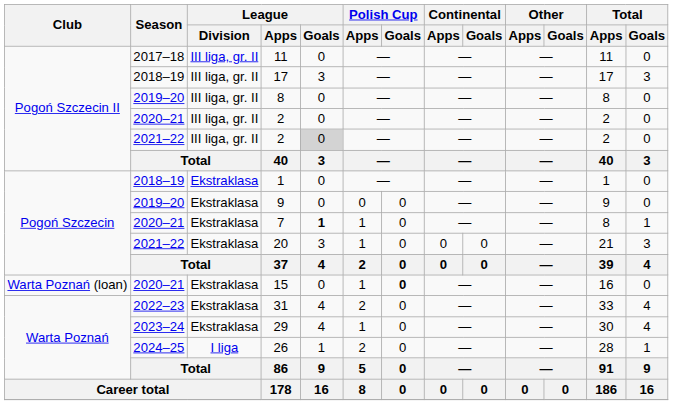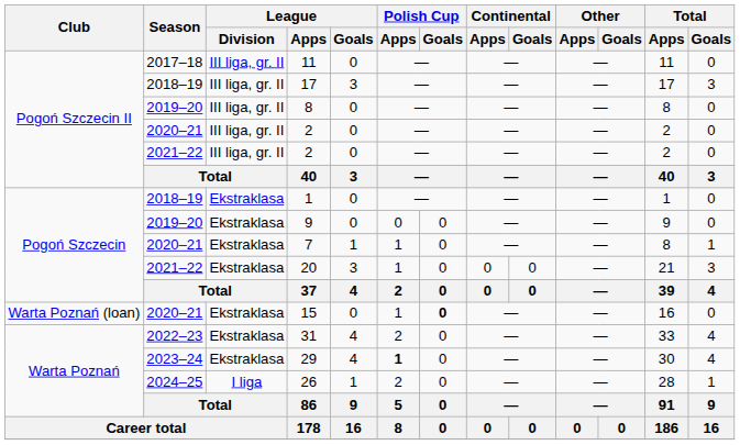 <table class="wikitable" style="text-align: center;">
 <tr>
 <th rowspan="2">Club</th>
 <th rowspan="2">Season</th>
 <th colspan="3">League</th>
 <th colspan="2"><a href='#'>Polish Cup</a></th>
 <th colspan="2">Continental</th>
 <th colspan="2">Other</th>
 <th colspan="2">Total</th>
 </tr>
 <tr>
 <th>Division</th>
 <th>Apps</th>
 <th>Goals</th>
 <th>Apps</th>
 <th>Goals</th>
 <th>Apps</th>
 <th>Goals</th>
 <th>Apps</th>
 <th>Goals</th>
 <th>Apps</th>
 <th>Goals</th>
 </tr>
 <tr>
 <td rowspan="6"><a href='#'>Pogoń Szczecin II</a></td>
 <td>2017–18</td>
 <td><a href='#'>III liga, gr. II</a></td>
 <td>11</td>
 <td>0</td>
 <td colspan="2">—</td>
 <td colspan="2">—</td>
 <td colspan="2">—</td>
 <td>11</td>
 <td>0</td>
 </tr>
 <tr>
 <td>2018–19</td>
 <td>III liga, gr. II</td>
 <td>17</td>
 <td>3</td>
 <td colspan="2">—</td>
 <td colspan="2">—</td>
 <td colspan="2">—</td>
 <td>17</td>
 <td>3</td>
 </tr>
 <tr>
 <td><a href='#'>2019–20</a></td>
 <td>III liga, gr. II</td>
 <td>8</td>
 <td>0</td>
 <td colspan="2">—</td>
 <td colspan="2">—</td>
 <td colspan="2">—</td>
 <td>8</td>
 <td>0</td>
 </tr>
 <tr>
 <td><a href='#'>2020–21</a></td>
 <td>III liga, gr. II</td>
 <td>2</td>
 <td>0</td>
 <td colspan="2">—</td>
 <td colspan="2">—</td>
 <td colspan="2">—</td>
 <td>2</td>
 <td>0</td>
 </tr>
 <tr>
 <td><a href='#'>2021–22</a></td>
 <td>III liga, gr. II</td>
 <td>2</td>
-<td style="background: lightgrey;">0</td>
+<td>0</td>
 <td colspan="2">—</td>
 <td colspan="2">—</td>
 <td colspan="2">—</td>
 <td>2</td>
 <td>0</td>
 </tr>
 <tr>
 <th colspan="2">Total</th>
 <th>40</th>
 <th>3</th>
 <th colspan="2">—</th>
 <th colspan="2">—</th>
 <th colspan="2">—</th>
 <th>40</th>
 <th>3</th>
 </tr>
 <tr>
 <td rowspan="5"><a href='#'>Pogoń Szczecin</a></td>
 <td><a href='#'>2018–19</a></td>
 <td><a href='#'>Ekstraklasa</a></td>
 <td>1</td>
 <td>0</td>
 <td colspan="2">—</td>
 <td colspan="2">—</td>
 <td colspan="2">—</td>
 <td>1</td>
 <td>0</td>
 </tr>
 <tr>
 <td><a href='#'>2019–20</a></td>
 <td>Ekstraklasa</td>
 <td>9</td>
 <td>0</td>
 <td>0</td>
 <td>0</td>
 <td colspan="2">—</td>
 <td colspan="2">—</td>
 <td>9</td>
 <td>0</td>
 </tr>
 <tr>
 <td><a href='#'>2020–21</a></td>
 <td>Ekstraklasa</td>
 <td>7</td>
-<td><strong>1</strong></td>
+<td>1</td>
 <td>1</td>
 <td>0</td>
 <td colspan="2">—</td>
 <td colspan="2">—</td>
 <td>8</td>
 <td>1</td>
 </tr>
 <tr>
 <td><a href='#'>2021–22</a></td>
 <td>Ekstraklasa</td>
 <td>20</td>
 <td>3</td>
 <td>1</td>
 <td>0</td>
 <td>0</td>
 <td>0</td>
 <td colspan="2">—</td>
 <td>21</td>
 <td>3</td>
 </tr>
 <tr>
 <th colspan="2">Total</th>
 <th>37</th>
 <th>4</th>
 <th>2</th>
 <th>0</th>
 <th>0</th>
 <th>0</th>
 <th colspan="2">—</th>
 <th>39</th>
 <th>4</th>
 </tr>
 <tr>
 <td><a href='#'>Warta Poznań</a> (loan)</td>
 <td><a href='#'>2020–21</a></td>
 <td>Ekstraklasa</td>
 <td>15</td>
 <td>0</td>
 <td>1</td>
 <td><strong>0</strong></td>
 <td colspan="2">—</td>
 <td colspan="2">—</td>
 <td>16</td>
 <td>0</td>
 </tr>
 <tr>
 <td rowspan="4"><a href='#'>Warta Poznań</a></td>
 <td><a href='#'>2022–23</a></td>
 <td>Ekstraklasa</td>
 <td>31</td>
 <td>4</td>
 <td>2</td>
 <td>0</td>
 <td colspan="2">—</td>
 <td colspan="2">—</td>
 <td>33</td>
 <td>4</td>
 </tr>
 <tr>
 <td><a href='#'>2023–24</a></td>
 <td>Ekstraklasa</td>
 <td>29</td>
 <td>4</td>
-<td>1</td>
+<td><strong>1</strong></td>
 <td>0</td>
 <td colspan="2">—</td>
 <td colspan="2">—</td>
 <td>30</td>
 <td>4</td>
 </tr>
 <tr>
 <td><a href='#'>2024–25</a></td>
 <td><a href='#'>I liga</a></td>
 <td>26</td>
 <td>1</td>
 <td>2</td>
 <td>0</td>
 <td colspan="2">—</td>
 <td colspan="2">—</td>
 <td>28</td>
 <td>1</td>
 </tr>
 <tr>
 <th colspan="2">Total</th>
 <th>86</th>
 <th>9</th>
 <th>5</th>
 <th>0</th>
 <th colspan="2">—</th>
 <th colspan="2">—</th>
 <th>91</th>
 <th>9</th>
 </tr>
 <tr>
 <th colspan="3">Career total</th>
 <th>178</th>
 <th>16</th>
 <th>8</th>
 <th>0</th>
 <th>0</th>
 <th>0</th>
 <th>0</th>
 <th>0</th>
 <th>186</th>
 <th>16</th>
 </tr>
 <tr>
 </tr>
 </table>
